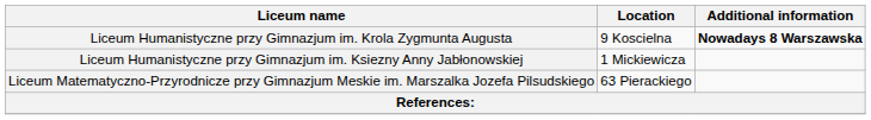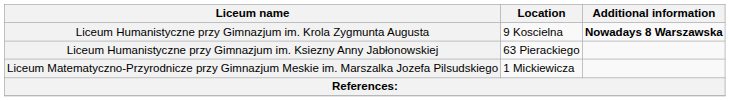 <table class="wikitable">
 <tr>
 <th scope="col">Liceum name</th>
 <th scope="col">Location</th>
 <th scope="col">Additional information</th>
 </tr>
 <tr>
 <th scope="row" style="font-weight:normal;">Liceum Humanistyczne przy Gimnazjum im. Krola Zygmunta Augusta</th>
 <td>9 Koscielna</td>
 <td><strong>Nowadays 8 Warszawska</strong></td>
 </tr>
 <tr>
 <th scope="row" style="font-weight:normal;">Liceum Humanistyczne przy Gimnazjum im. Ksiezny Anny Jabłonowskiej</th>
-<td>1 Mickiewicza</td>
+<td>63 Pierackiego</td>
 <td></td>
 </tr>
 <tr>
 <th scope="row" style="font-weight:normal;">Liceum Matematyczno-Przyrodnicze przy Gimnazjum Meskie im. Marszalka Jozefa Pilsudskiego</th>
-<td>63 Pierackiego</td>
+<td>1 Mickiewicza</td>
 <td></td>
 </tr>
 <tr>
 <th colspan="10" unsortable>References: </th>
 </tr>
 <tr>
 </tr>
 </table>
